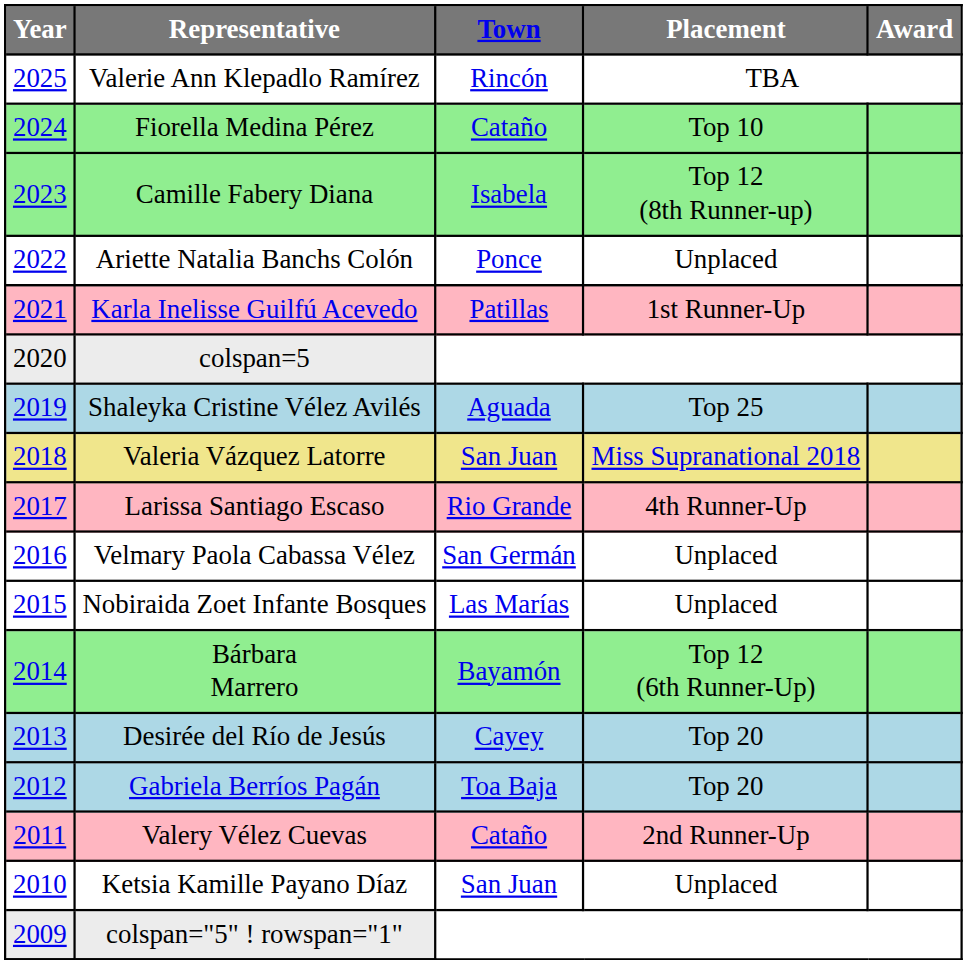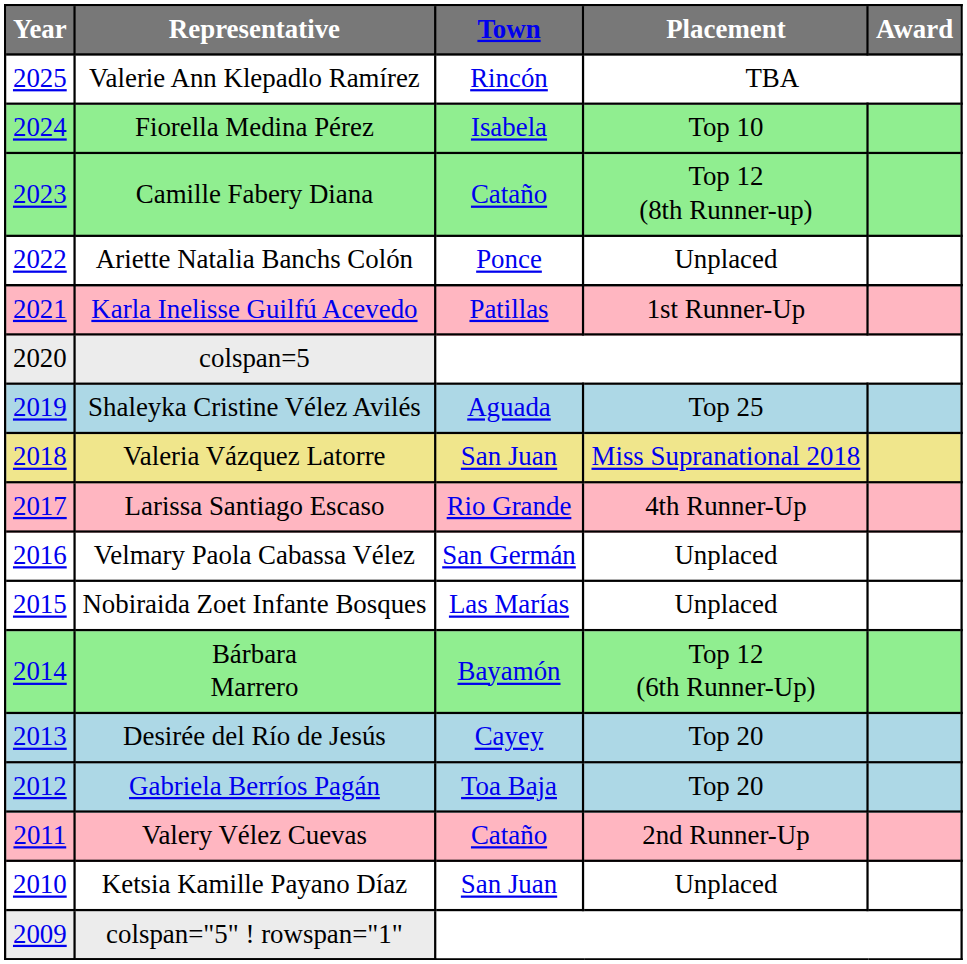 <table class="sortable wiki table" border="3" cellpadding="3" cellspacing="0" style="margin: 0 1em 0 0; background: white; border: 1px #000000 solid; border-collapse: collapse; font-size: 75%; text-align:center">
 <tr>
 <th style="background-color:#787878;color:#FFFFFF;">Year</th>
 <th style="background-color:#787878;color:#FFFFFF;">Representative</th>
 <th style="background-color:#787878;color:#FFFFFF;"><a href='#'>Town</a></th>
 <th style="background-color:#787878;color:#FFFFFF;">Placement</th>
 <th style="background-color:#787878;color:#FFFFFF;">Award</th>
 </tr>
 <tr>
 <td><a href='#'>2025</a></td>
 <td>Valerie Ann Klepadlo Ramírez</td>
 <td><a href='#'>Rincón</a></td>
 <td colspan=2>TBA</td>
 </tr>
 <tr>
 <td style="background-color:#90EE90;"><a href='#'>2024</a></td>
 <td style="background-color:#90EE90;">Fiorella Medina Pérez</td>
-<td style="background-color:#90EE90;"><a href='#'>Cataño</a></td>
+<td style="background-color:#90EE90;"><a href='#'>Isabela</a></td>
 <td style="background-color:#90EE90;">Top 10</td>
 <td style="background-color:#90EE90;"></td>
 </tr>
 <tr>
 <td style="background-color:#90EE90;"><a href='#'>2023</a></td>
 <td style="background-color:#90EE90;">Camille Fabery Diana</td>
-<td style="background-color:#90EE90;"><a href='#'>Isabela</a></td>
+<td style="background-color:#90EE90;"><a href='#'>Cataño</a></td>
 <td style="background-color:#90EE90;">Top 12 <br>(8th Runner-up)</td>
 <td style="background-color:#90EE90;"></td>
 </tr>
 <tr>
 <td><a href='#'>2022</a></td>
 <td>Ariette Natalia Banchs Colón</td>
 <td><a href='#'>Ponce</a></td>
 <td>Unplaced</td>
 <td></td>
 </tr>
 <tr>
 </tr>
 <tr style="background-color:#FFB6C1;">
 <td><a href='#'>2021</a></td>
 <td><a href='#'>Karla Inelisse Guilfú Acevedo</a></td>
 <td style="background-color:#FFB6C1;"><a href='#'>Patillas</a></td>
 <td>1st Runner-Up</td>
 <td></td>
 </tr>
 <tr style="background-color:#ececec;">
 <td>2020</td>
 <td>colspan=5 </td>
 </tr>
 <tr>
 <td style="background-color:#ADD8E6;"><a href='#'>2019</a></td>
 <td style="background-color:#ADD8E6;">Shaleyka Cristine Vélez Avilés</td>
 <td style="background-color:#ADD8E6;"><a href='#'>Aguada</a></td>
 <td style="background-color:#ADD8E6;">Top 25</td>
 <td style="background-color:#ADD8E6;"></td>
 </tr>
 <tr>
 <td style="background-color:#F0E68C;"><a href='#'>2018</a></td>
 <td style="background-color:#F0E68C;">Valeria Vázquez Latorre</td>
 <td style="background-color:#F0E68C;"><a href='#'>San Juan</a></td>
 <td style="background-color:#F0E68C;"><a href='#'>Miss Supranational 2018</a></td>
 <td style="background-color:#F0E68C;"></td>
 </tr>
 <tr>
 <td style="background-color:#FFB6C1;"><a href='#'>2017</a></td>
 <td style="background-color:#FFB6C1;">Larissa Santiago Escaso</td>
 <td style="background-color:#FFB6C1;"><a href='#'>Rio Grande</a></td>
 <td style="background-color:#FFB6C1;">4th Runner-Up</td>
 <td style="background-color:#FFB6C1;"></td>
 </tr>
 <tr>
 <td><a href='#'>2016</a></td>
 <td>Velmary Paola Cabassa Vélez</td>
 <td><a href='#'>San Germán</a></td>
 <td>Unplaced</td>
 <td></td>
 </tr>
 <tr>
 <td><a href='#'>2015</a></td>
 <td>Nobiraida Zoet Infante Bosques</td>
 <td><a href='#'>Las Marías</a></td>
 <td>Unplaced</td>
 <td></td>
 </tr>
 <tr>
 <td style="background-color:#90EE90;"><a href='#'>2014</a></td>
 <td style="background-color:#90EE90;">Bárbara <br> Marrero</td>
 <td style="background-color:#90EE90;"><a href='#'>Bayamón</a></td>
 <td style="background-color:#90EE90;">Top 12 <br>(6th Runner-Up)</td>
 <td style="background-color:#90EE90;"></td>
 </tr>
 <tr>
 <td style="background-color:#ADD8E6;"><a href='#'>2013</a></td>
 <td style="background-color:#ADD8E6;">Desirée del Río de Jesús</td>
 <td style="background-color:#ADD8E6;"><a href='#'>Cayey</a></td>
 <td style="background-color:#ADD8E6;">Top 20</td>
 <td style="background-color:#ADD8E6;"></td>
 </tr>
 <tr>
 <td style="background-color:#ADD8E6;"><a href='#'>2012</a></td>
 <td style="background-color:#ADD8E6;"><a href='#'>Gabriela Berríos Pagán</a></td>
 <td style="background-color:#ADD8E6;"><a href='#'>Toa Baja</a></td>
 <td style="background-color:#ADD8E6;">Top 20</td>
 <td style="background-color:#ADD8E6;"></td>
 </tr>
 <tr>
 <td style="background-color:#FFB6C1;"><a href='#'>2011</a></td>
 <td style="background-color:#FFB6C1;">Valery Vélez Cuevas</td>
 <td style="background-color:#FFB6C1;"><a href='#'>Cataño</a></td>
 <td style="background-color:#FFB6C1;">2nd Runner-Up</td>
 <td style="background-color:#FFB6C1;"></td>
 </tr>
 <tr>
 <td><a href='#'>2010</a></td>
 <td>Ketsia Kamille Payano Díaz</td>
 <td><a href='#'>San Juan</a></td>
 <td>Unplaced</td>
 <td></td>
 </tr>
 <tr style="background-color:#ececec;"|>
 <td><a href='#'>2009</a></td>
 <td>colspan="5" ! rowspan="1" </td>
 </tr>
 <tr>
 </tr>
 </table>
